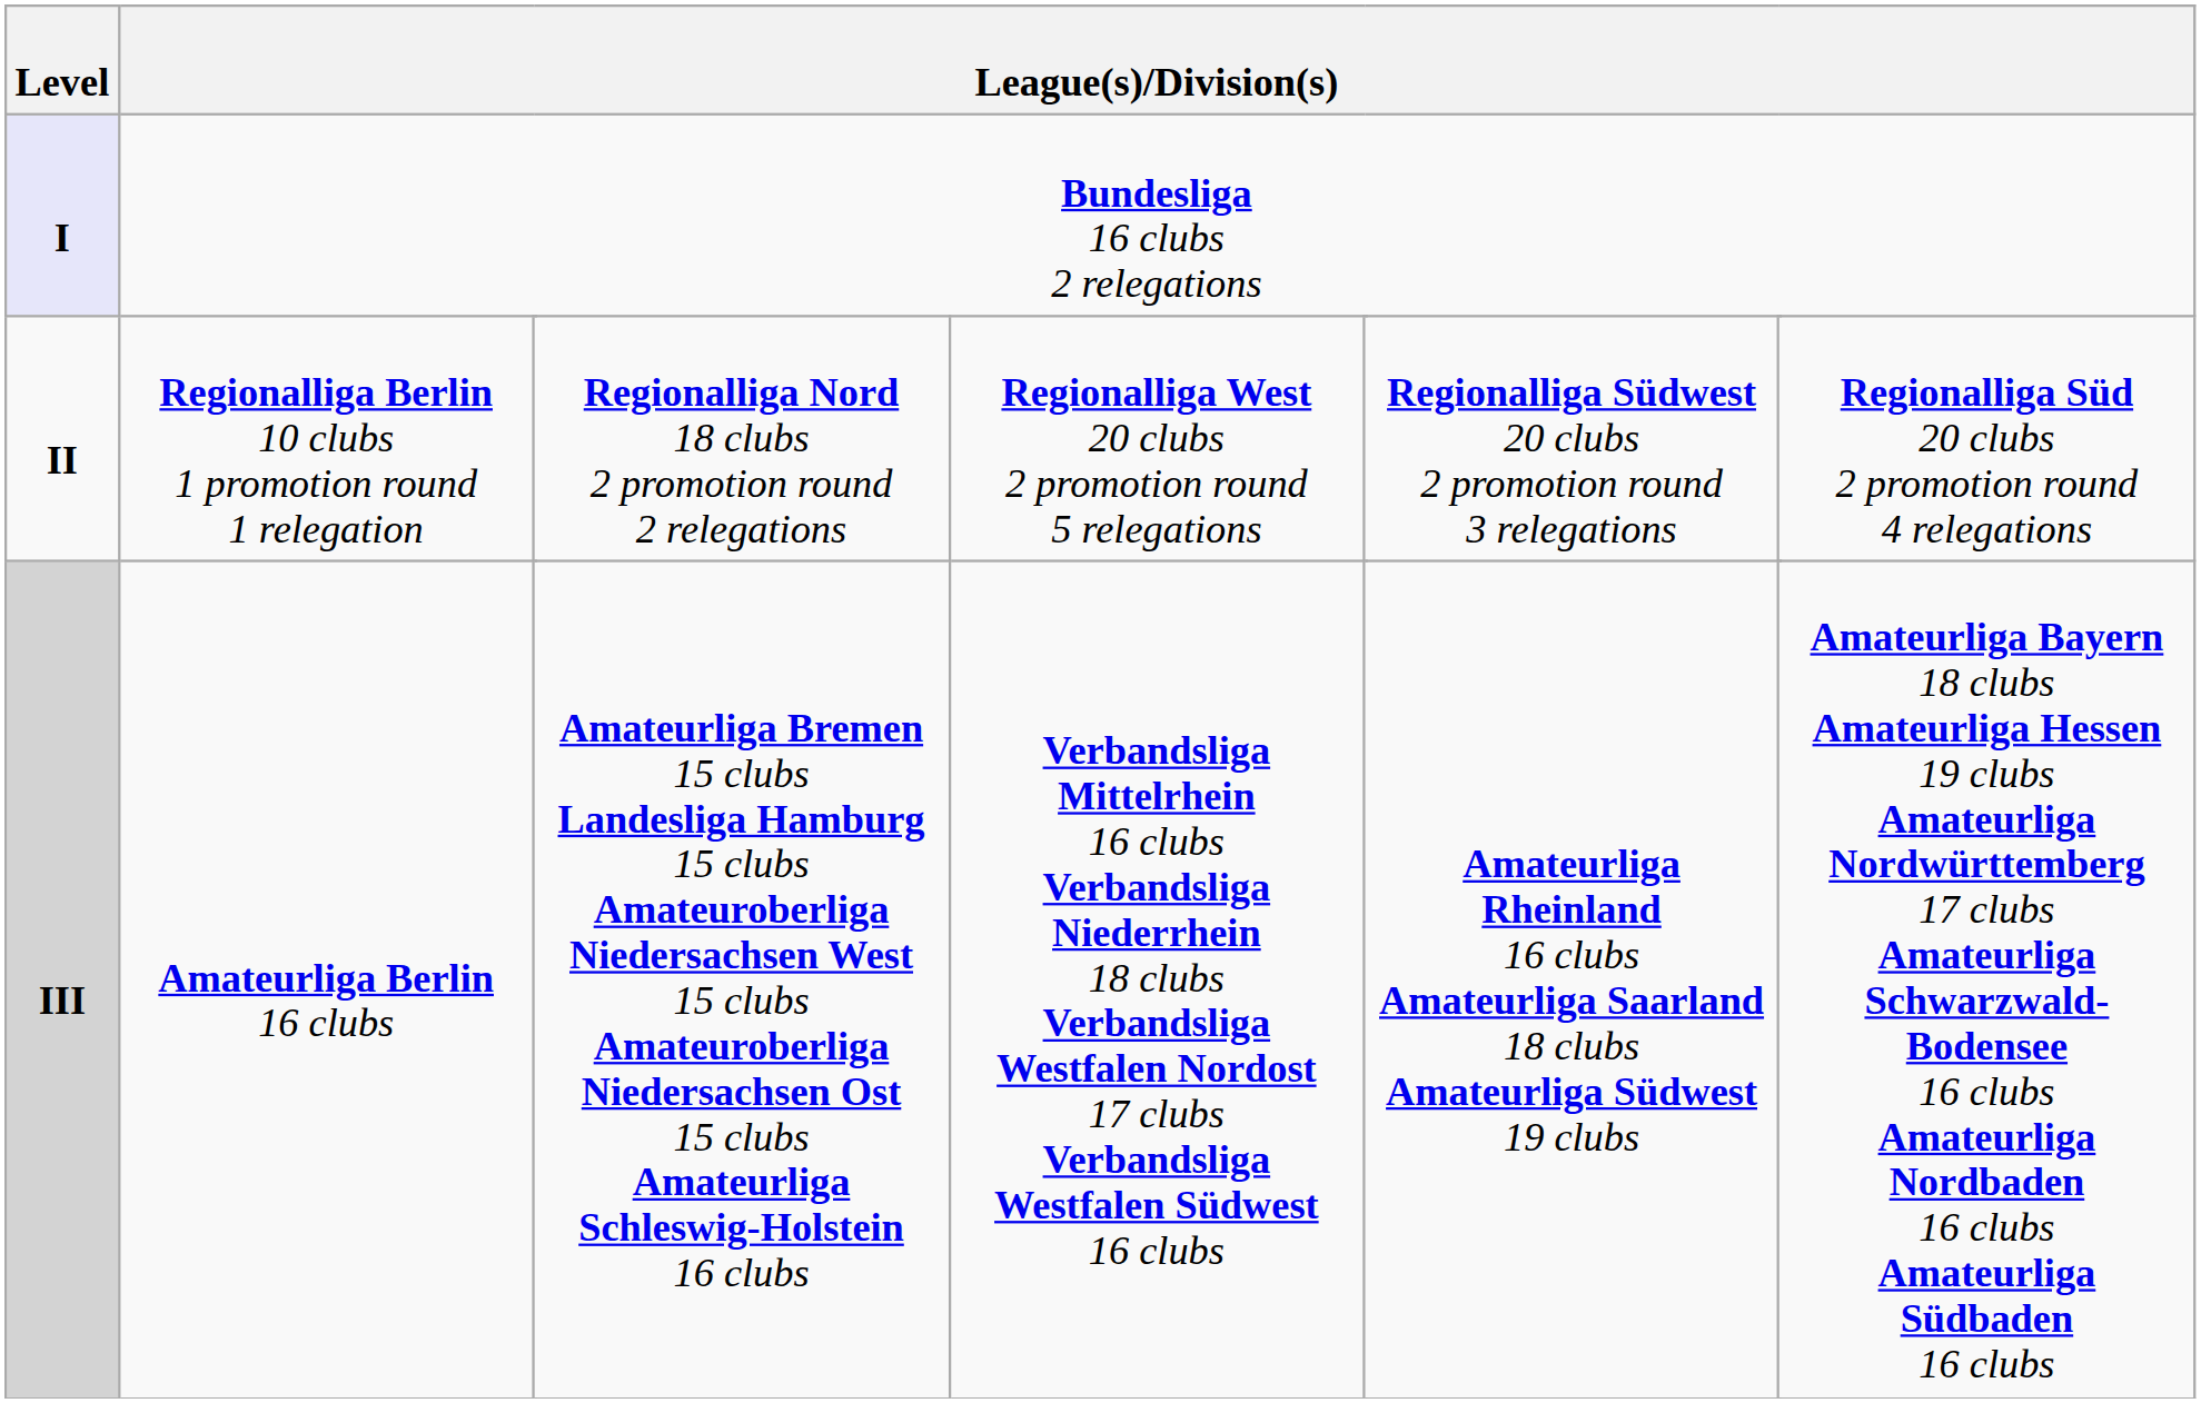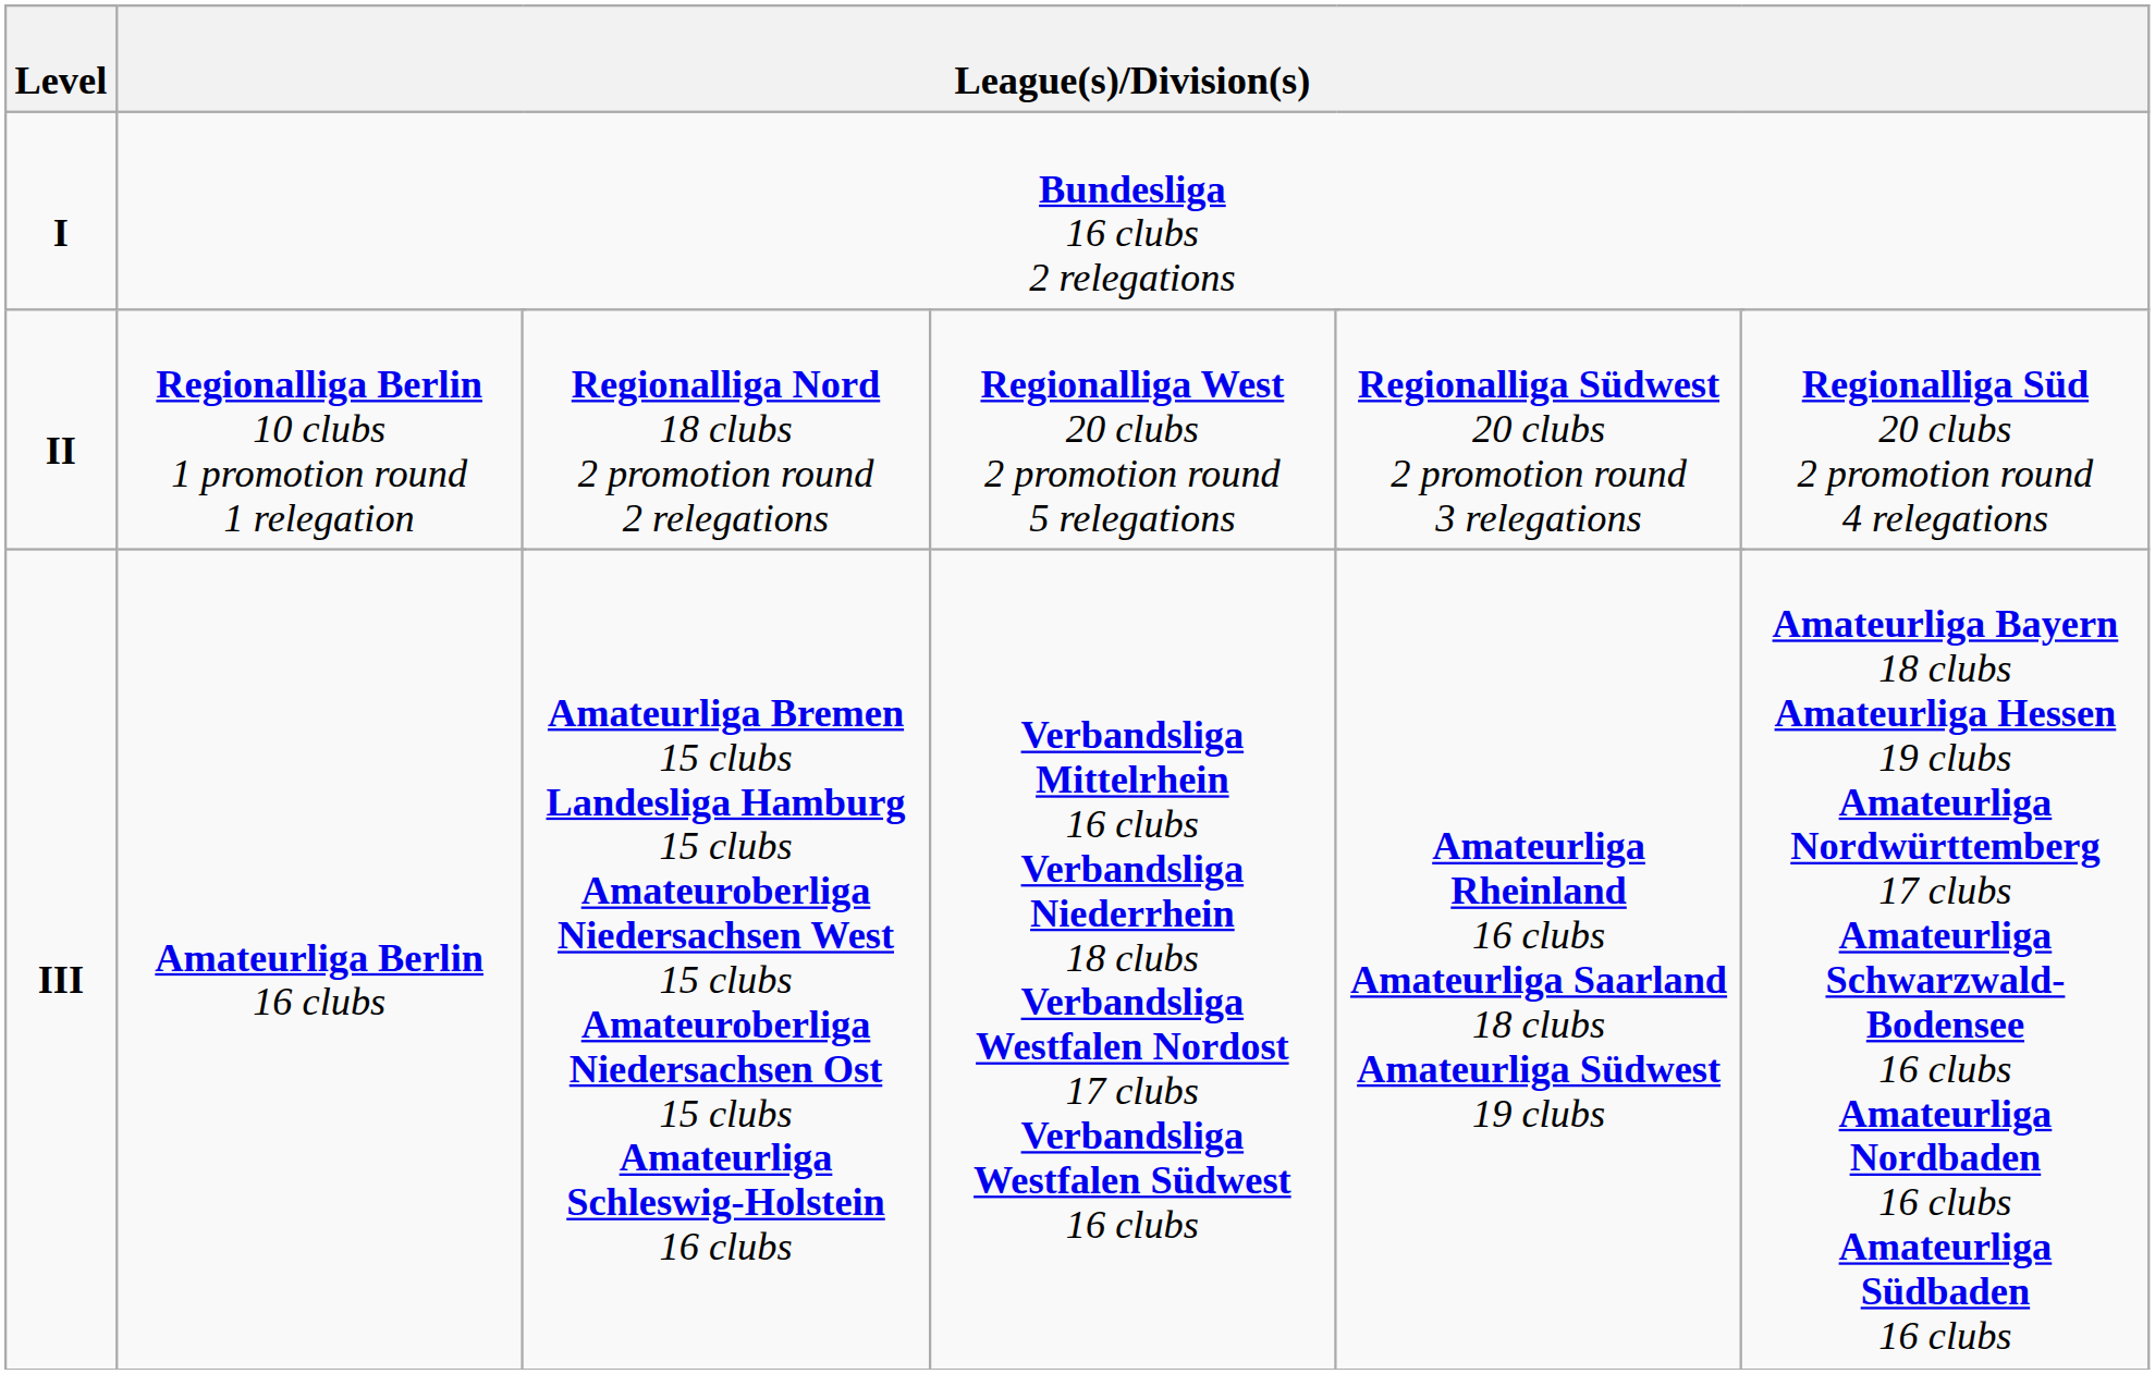 <table class="wikitable" style="text-align: center;">
 <tr>
 <th colspan="1" width="4%"><br>Level</th>
 <th colspan="10" width="96%"><br>League(s)/Division(s)</th>
 </tr>
 <tr>
-<td colspan="1" width="5%" style="background: lavender;"><br><strong>I</strong></td>
+<td colspan="1" width="5%"><br><strong>I</strong></td>
 <td colspan="10" width="95%"><br><strong><a href='#'>Bundesliga</a></strong><br> <em>16 clubs</em><br> <em>2 relegations</em></td>
 </tr>
 <tr>
 <td colspan="1" width="5%"><br><strong>II</strong></td>
 <td colspan="2" width="19%"><br><strong><a href='#'>Regionalliga Berlin</a></strong><br> <em>10 clubs</em><br> <em>1 promotion round</em><br> <em>1 relegation</em></td>
 <td colspan="2" width="19%"><br><strong><a href='#'>Regionalliga Nord</a></strong><br> <em>18 clubs</em><br> <em>2 promotion round</em><br> <em>2 relegations</em></td>
 <td colspan="2" width="19%"><br><strong><a href='#'>Regionalliga West</a></strong><br> <em>20 clubs</em><br> <em>2 promotion round</em><br> <em>5 relegations</em></td>
 <td colspan="2" width="19%"><br><strong><a href='#'>Regionalliga Südwest</a></strong><br> <em>20 clubs</em><br> <em>2 promotion round</em><br> <em>3 relegations</em></td>
 <td colspan="2" width="19%"><br><strong><a href='#'>Regionalliga Süd</a></strong><br> <em>20 clubs</em><br> <em>2 promotion round</em><br> <em>4 relegations</em></td>
 </tr>
 <tr>
-<td colspan="1" width="5%" style="background: lightgrey;"><br><strong>III</strong></td>
+<td colspan="1" width="5%"><br><strong>III</strong></td>
 <td colspan="2" width="19%"><br><strong><a href='#'>Amateurliga Berlin</a></strong><br> <em>16 clubs</em><br></td>
 <td colspan="2" width="19%"><br><strong><a href='#'>Amateurliga Bremen</a></strong><br> <em>15 clubs</em><br> <strong><a href='#'>Landesliga Hamburg</a></strong><br> <em>15 clubs</em><br> <strong><a href='#'>Amateuroberliga Niedersachsen West</a></strong><br> <em>15 clubs</em><br> <strong><a href='#'>Amateuroberliga Niedersachsen Ost</a></strong><br> <em>15 clubs</em><br> <strong><a href='#'>Amateurliga Schleswig-Holstein</a></strong><br> <em>16 clubs</em><br></td>
 <td colspan="2" width="19%"><br><strong><a href='#'>Verbandsliga Mittelrhein</a></strong><br> <em>16 clubs</em><br> <strong><a href='#'>Verbandsliga Niederrhein</a></strong><br> <em>18 clubs</em><br> <strong><a href='#'>Verbandsliga Westfalen Nordost</a></strong><br> <em>17 clubs</em><br> <strong><a href='#'>Verbandsliga Westfalen Südwest</a></strong><br> <em>16 clubs</em><br></td>
 <td colspan="2" width="19%"><br><strong><a href='#'>Amateurliga Rheinland</a></strong><br> <em>16 clubs</em><br> <strong><a href='#'>Amateurliga Saarland</a></strong><br> <em>18 clubs</em><br> <strong><a href='#'>Amateurliga Südwest</a></strong><br> <em>19 clubs</em><br></td>
 <td colspan="2" width="19%"><br><strong><a href='#'>Amateurliga Bayern</a></strong><br> <em>18 clubs</em><br> <strong><a href='#'>Amateurliga Hessen</a></strong><br> <em>19 clubs</em><br> <strong><a href='#'>Amateurliga Nordwürttemberg</a></strong><br> <em>17 clubs</em><br> <strong><a href='#'>Amateurliga Schwarzwald-Bodensee</a></strong><br> <em>16 clubs</em><br> <strong><a href='#'>Amateurliga Nordbaden</a></strong><br> <em>16 clubs</em><br> <strong><a href='#'>Amateurliga Südbaden</a></strong><br> <em>16 clubs</em><br></td>
 </tr>
 </table>
